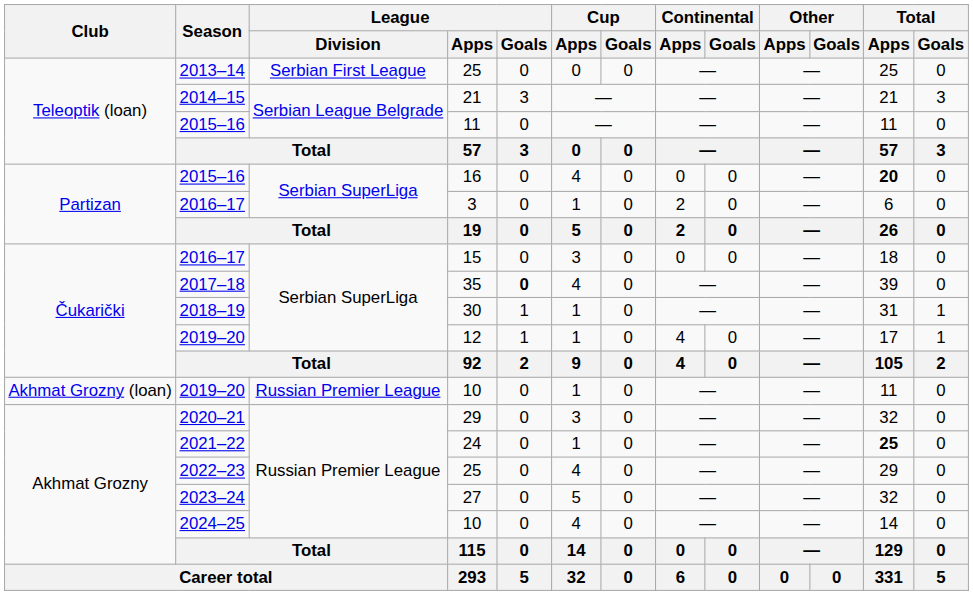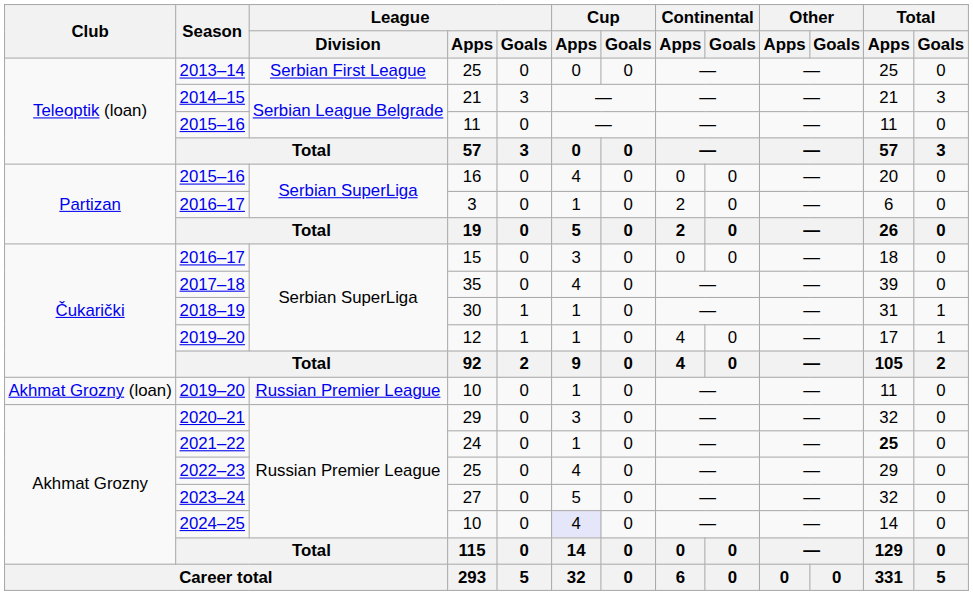 <table class="wikitable" style="text-align:center">
 <tr>
 <th rowspan="2">Club</th>
 <th rowspan="2">Season</th>
 <th colspan="3">League</th>
 <th colspan="2">Cup</th>
 <th colspan="2">Continental</th>
 <th colspan="2">Other</th>
 <th colspan="2">Total</th>
 </tr>
 <tr>
 <th>Division</th>
 <th>Apps</th>
 <th>Goals</th>
 <th>Apps</th>
 <th>Goals</th>
 <th>Apps</th>
 <th>Goals</th>
 <th>Apps</th>
 <th>Goals</th>
 <th>Apps</th>
 <th>Goals</th>
 </tr>
 <tr>
 <td rowspan="4"><a href='#'>Teleoptik</a> (loan)</td>
 <td><a href='#'>2013–14</a></td>
 <td><a href='#'>Serbian First League</a></td>
 <td>25</td>
 <td>0</td>
 <td>0</td>
 <td>0</td>
 <td colspan="2">—</td>
 <td colspan="2">—</td>
 <td>25</td>
 <td>0</td>
 </tr>
 <tr>
 <td><a href='#'>2014–15</a></td>
 <td rowspan="2"><a href='#'>Serbian League Belgrade</a></td>
 <td>21</td>
 <td>3</td>
 <td colspan="2">—</td>
 <td colspan="2">—</td>
 <td colspan="2">—</td>
 <td>21</td>
 <td>3</td>
 </tr>
 <tr>
 <td><a href='#'>2015–16</a></td>
 <td>11</td>
 <td>0</td>
 <td colspan="2">—</td>
 <td colspan="2">—</td>
 <td colspan="2">—</td>
 <td>11</td>
 <td>0</td>
 </tr>
 <tr>
 <th colspan="2">Total</th>
 <th>57</th>
 <th>3</th>
 <th>0</th>
 <th>0</th>
 <th colspan="2">—</th>
 <th colspan="2">—</th>
 <th>57</th>
 <th>3</th>
 </tr>
 <tr>
 <td rowspan="3"><a href='#'>Partizan</a></td>
 <td><a href='#'>2015–16</a></td>
 <td rowspan="2"><a href='#'>Serbian SuperLiga</a></td>
 <td>16</td>
 <td>0</td>
 <td>4</td>
 <td>0</td>
 <td>0</td>
 <td>0</td>
 <td colspan="2">—</td>
-<td><strong>20</strong></td>
+<td>20</td>
 <td>0</td>
 </tr>
 <tr>
 <td><a href='#'>2016–17</a></td>
 <td>3</td>
 <td>0</td>
 <td>1</td>
 <td>0</td>
 <td>2</td>
 <td>0</td>
 <td colspan="2">—</td>
 <td>6</td>
 <td>0</td>
 </tr>
 <tr>
 <th colspan="2">Total</th>
 <th>19</th>
 <th>0</th>
 <th>5</th>
 <th>0</th>
 <th>2</th>
 <th>0</th>
 <th colspan="2">—</th>
 <th>26</th>
 <th>0</th>
 </tr>
 <tr>
 <td rowspan="5"><a href='#'>Čukarički</a></td>
 <td><a href='#'>2016–17</a></td>
 <td rowspan="4">Serbian SuperLiga</td>
 <td>15</td>
 <td>0</td>
 <td>3</td>
 <td>0</td>
 <td>0</td>
 <td>0</td>
 <td colspan="2">—</td>
 <td>18</td>
 <td>0</td>
 </tr>
 <tr>
 <td><a href='#'>2017–18</a></td>
 <td>35</td>
-<td><strong>0</strong></td>
+<td>0</td>
 <td>4</td>
 <td>0</td>
 <td colspan="2">—</td>
 <td colspan="2">—</td>
 <td>39</td>
 <td>0</td>
 </tr>
 <tr>
 <td><a href='#'>2018–19</a></td>
 <td>30</td>
 <td>1</td>
 <td>1</td>
 <td>0</td>
 <td colspan="2">—</td>
 <td colspan="2">—</td>
 <td>31</td>
 <td>1</td>
 </tr>
 <tr>
 <td><a href='#'>2019–20</a></td>
 <td>12</td>
 <td>1</td>
 <td>1</td>
 <td>0</td>
 <td>4</td>
 <td>0</td>
 <td colspan="2">—</td>
 <td>17</td>
 <td>1</td>
 </tr>
 <tr>
 <th colspan="2">Total</th>
 <th>92</th>
 <th>2</th>
 <th>9</th>
 <th>0</th>
 <th>4</th>
 <th>0</th>
 <th colspan="2">—</th>
 <th>105</th>
 <th>2</th>
 </tr>
 <tr>
 <td><a href='#'>Akhmat Grozny</a> (loan)</td>
 <td><a href='#'>2019–20</a></td>
 <td><a href='#'>Russian Premier League</a></td>
 <td>10</td>
 <td>0</td>
 <td>1</td>
 <td>0</td>
 <td colspan="2">—</td>
 <td colspan="2">—</td>
 <td>11</td>
 <td>0</td>
 </tr>
 <tr>
 <td rowspan="6">Akhmat Grozny</td>
 <td><a href='#'>2020–21</a></td>
 <td rowspan="5">Russian Premier League</td>
 <td>29</td>
 <td>0</td>
 <td>3</td>
 <td>0</td>
 <td colspan="2">—</td>
 <td colspan="2">—</td>
 <td>32</td>
 <td>0</td>
 </tr>
 <tr>
 <td><a href='#'>2021–22</a></td>
 <td>24</td>
 <td>0</td>
 <td>1</td>
 <td>0</td>
 <td colspan="2">—</td>
 <td colspan="2">—</td>
 <td><strong>25</strong></td>
 <td>0</td>
 </tr>
 <tr>
 <td><a href='#'>2022–23</a></td>
 <td>25</td>
 <td>0</td>
 <td>4</td>
 <td>0</td>
 <td colspan="2">—</td>
 <td colspan="2">—</td>
 <td>29</td>
 <td>0</td>
 </tr>
 <tr>
 <td><a href='#'>2023–24</a></td>
 <td>27</td>
 <td>0</td>
 <td>5</td>
 <td>0</td>
 <td colspan="2">—</td>
 <td colspan="2">—</td>
 <td>32</td>
 <td>0</td>
 </tr>
 <tr>
 <td><a href='#'>2024–25</a></td>
 <td>10</td>
 <td>0</td>
-<td>4</td>
+<td style="background: lavender;">4</td>
 <td>0</td>
 <td colspan="2">—</td>
 <td colspan="2">—</td>
 <td>14</td>
 <td>0</td>
 </tr>
 <tr>
 <th colspan="2">Total</th>
 <th>115</th>
 <th>0</th>
 <th>14</th>
 <th>0</th>
 <th>0</th>
 <th>0</th>
 <th colspan="2">—</th>
 <th>129</th>
 <th>0</th>
 </tr>
 <tr>
 <th colspan="3">Career total</th>
 <th>293</th>
 <th>5</th>
 <th>32</th>
 <th>0</th>
 <th>6</th>
 <th>0</th>
 <th>0</th>
 <th>0</th>
 <th>331</th>
 <th>5</th>
 </tr>
 </table>
